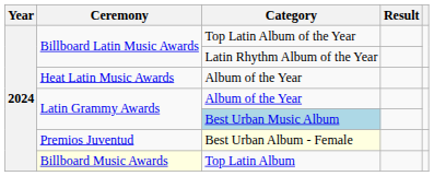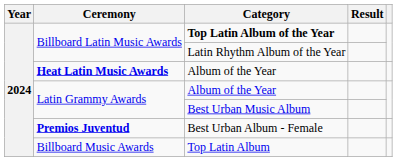 <table class="wikitable plainrowheaders">
 <tr>
 <th scope="col">Year</th>
 <th scope="col">Ceremony</th>
 <th scope="col">Category</th>
 <th scope="col">Result</th>
 <th></th>
 </tr>
 <tr>
 <th rowspan="7" scope="row">2024</th>
 <td rowspan="2" scope="row"><a href='#'>Billboard Latin Music Awards</a></td>
-<td>Top Latin Album of the Year</td>
+<td><strong>Top Latin Album of the Year</strong></td>
 <td></td>
 <td rowspan="2" style="text-align:center;"></td>
 </tr>
 <tr>
 <td>Latin Rhythm Album of the Year</td>
 <td></td>
 </tr>
 <tr>
-<td><a href='#'>Heat Latin Music Awards</a></td>
+<td><strong><a href='#'>Heat Latin Music Awards</a></strong></td>
 <td>Album of the Year</td>
 <td></td>
 <td style="text-align:center;"></td>
 </tr>
 <tr>
 <td rowspan="2"><a href='#'>Latin Grammy Awards</a></td>
 <td><a href='#'>Album of the Year</a></td>
 <td></td>
 <td rowspan="2" style="text-align:center;"></td>
 </tr>
 <tr>
-<td style="background: lightblue;"><a href='#'>Best Urban Music Album</a></td>
+<td><a href='#'>Best Urban Music Album</a></td>
 <td></td>
 </tr>
 <tr>
-<td><a href='#'>Premios Juventud</a></td>
-<td style="background: lightyellow;">Best Urban Album - Female</td>
+<td><strong><a href='#'>Premios Juventud</a></strong></td>
+<td>Best Urban Album - Female</td>
 <td></td>
 <td style="text-align:center;"></td>
 </tr>
 <tr>
-<td style="background: lightyellow;"><a href='#'>Billboard Music Awards</a></td>
+<td><a href='#'>Billboard Music Awards</a></td>
 <td><a href='#'>Top Latin Album</a></td>
 <td></td>
 <td style="text-align:center;"><br></td>
 </tr>
 </table>
